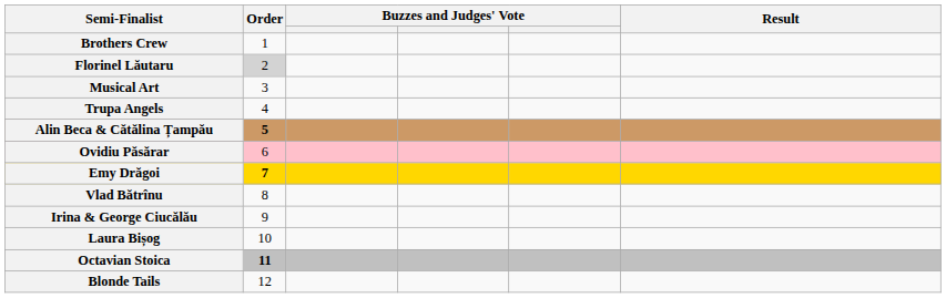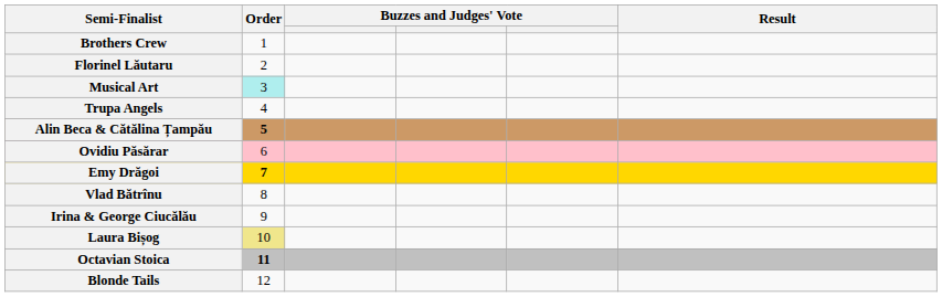 <table class="wikitable plainrowheaders sortable" style="text-align:center;">
 <tr>
 <th scope="col" rowspan=2 class="unsortable" style="width:17em;">Semi-Finalist</th>
 <th scope="col" rowspan=2 style="width:1em;">Order</th>
 <th scope="col" colspan=3 class="unsortable" style="width:24em;">Buzzes and Judges' Vote</th>
 <th scope="col" rowspan=2 style="width:23em;">Result</th>
 </tr>
 <tr>
 <th scope="col" class="unsortable" style="width:6em;"></th>
 <th scope="col" class="unsortable" style="width:6em;"></th>
 <th scope="col" class="unsortable" style="width:6em;"></th>
 </tr>
 <tr>
 <th scope="row">Brothers Crew</th>
 <td>1</td>
 <td style="text-align:center;"></td>
 <td style="text-align:center;"></td>
 <td style="text-align:center;"></td>
 <td></td>
 </tr>
 <tr>
 <th scope="row">Florinel Lăutaru </th>
-<td style="background: lightgrey;">2</td>
+<td>2</td>
 <td style="text-align:center;"></td>
 <td style="text-align:center;"></td>
 <td style="text-align:center;"></td>
 <td></td>
 </tr>
 <tr>
 <th scope="row">Musical Art</th>
-<td>3</td>
+<td style="background: paleturquoise;">3</td>
 <td style="text-align:center;"></td>
 <td style="text-align:center;"></td>
 <td style="text-align:center;"></td>
 <td></td>
 </tr>
 <tr>
 <th scope="row">Trupa Angels</th>
 <td>4</td>
 <td style="text-align:center;"></td>
 <td style="text-align:center;"></td>
 <td style="text-align:center;"></td>
 <td></td>
 </tr>
 <tr style="background:#c96;">
 <th scope="row"><strong>Alin Beca & Cătălina Țampău</strong></th>
 <td><strong>5</strong></td>
 <td style="text-align:center;"></td>
 <td style="text-align:center;"></td>
 <td style="text-align:center;"></td>
 <td><strong></strong></td>
 </tr>
 <tr style="background:pink;">
 <th scope="row">Ovidiu Păsărar</th>
 <td>6</td>
 <td style="text-align:center;"></td>
 <td style="text-align:center;"></td>
 <td style="text-align:center;"></td>
 <td><strong></strong></td>
 </tr>
 <tr style="background:gold;">
 <th scope="row"><strong>Emy Drăgoi</strong></th>
 <td><strong>7</strong></td>
 <td style="text-align:center;"></td>
 <td style="text-align:center;"></td>
 <td style="text-align:center;"></td>
 <td><strong></strong></td>
 </tr>
 <tr>
 <th scope="row">Vlad Bătrînu</th>
 <td>8</td>
 <td style="text-align:center;"></td>
 <td style="text-align:center;"></td>
 <td style="text-align:center;"></td>
 <td></td>
 </tr>
 <tr>
 <th scope="row">Irina & George Ciucălău</th>
 <td>9</td>
 <td style="text-align:center;"></td>
 <td style="text-align:center;"></td>
 <td style="text-align:center;"></td>
 <td></td>
 </tr>
 <tr>
 <th scope="row">Laura Bișog</th>
-<td>10</td>
+<td style="background: khaki;">10</td>
 <td style="text-align:center;"></td>
 <td style="text-align:center;"></td>
 <td style="text-align:center;"></td>
 <td></td>
 </tr>
 <tr style="background:silver;">
 <th scope="row"><strong>Octavian Stoica</strong></th>
 <td><strong>11</strong></td>
 <td style="text-align:center;"></td>
 <td style="text-align:center;"></td>
 <td style="text-align:center;"></td>
 <td><strong></strong></td>
 </tr>
 <tr>
 <th scope="row">Blonde Tails</th>
 <td>12</td>
 <td style="text-align:center;"></td>
 <td style="text-align:center;"></td>
 <td style="text-align:center;"></td>
 <td></td>
 </tr>
 </table>
